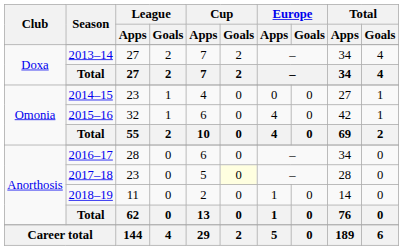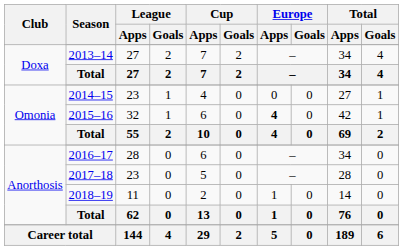 <table class="wikitable" style="text-align:center;">
 <tr>
 <th rowspan="2">Club</th>
 <th rowspan="2">Season</th>
 <th colspan="2">League</th>
 <th colspan="2">Cup</th>
 <th colspan="2"><a href='#'>Europe</a></th>
 <th colspan="2">Total</th>
 </tr>
 <tr>
 <th>Apps</th>
 <th>Goals</th>
 <th>Apps</th>
 <th>Goals</th>
 <th>Apps</th>
 <th>Goals</th>
 <th>Apps</th>
 <th>Goals</th>
 </tr>
 <tr ||-||-||-|->
 <td rowspan="3" valign="center"><a href='#'>Doxa</a></td>
 </tr>
 <tr>
 <td><a href='#'>2013–14</a></td>
 <td>27</td>
 <td>2</td>
 <td>7</td>
 <td>2</td>
 <td colspan="2">–</td>
 <td>34</td>
 <td>4</td>
 </tr>
 <tr>
 <th>Total</th>
 <th>27</th>
 <th>2</th>
 <th>7</th>
 <th>2</th>
 <th colspan="2">–</th>
 <th>34</th>
 <th>4</th>
 </tr>
 <tr>
 <td rowspan="4" valign="center"><a href='#'>Omonia</a></td>
 </tr>
 <tr>
 <td><a href='#'>2014–15</a></td>
 <td>23</td>
 <td>1</td>
 <td>4</td>
 <td>0</td>
 <td>0</td>
 <td>0</td>
 <td>27</td>
 <td>1</td>
 </tr>
 <tr>
 <td><a href='#'>2015–16</a></td>
 <td>32</td>
 <td>1</td>
 <td>6</td>
 <td>0</td>
-<td>4</td>
+<td><strong>4</strong></td>
 <td>0</td>
 <td>42</td>
 <td>1</td>
 </tr>
 <tr>
 <th>Total</th>
 <th>55</th>
 <th>2</th>
 <th>10</th>
 <th>0</th>
 <th>4</th>
 <th>0</th>
 <th>69</th>
 <th>2</th>
 </tr>
 <tr>
 <td rowspan="5" valign="center"><a href='#'>Anorthosis</a></td>
 </tr>
 <tr>
 <td><a href='#'>2016–17</a></td>
 <td>28</td>
 <td>0</td>
 <td>6</td>
 <td>0</td>
 <td colspan="2">–</td>
 <td>34</td>
 <td>0</td>
 </tr>
 <tr>
 <td><a href='#'>2017–18</a></td>
 <td>23</td>
 <td>0</td>
 <td>5</td>
-<td style="background: lightyellow;">0</td>
+<td>0</td>
 <td colspan="2">–</td>
 <td>28</td>
 <td>0</td>
 </tr>
 <tr>
 <td><a href='#'>2018–19</a></td>
 <td>11</td>
 <td>0</td>
 <td>2</td>
 <td>0</td>
 <td>1</td>
 <td>0</td>
 <td>14</td>
 <td>0</td>
 </tr>
 <tr>
 <th>Total</th>
 <th>62</th>
 <th>0</th>
 <th>13</th>
 <th>0</th>
 <th>1</th>
 <th>0</th>
 <th>76</th>
 <th>0</th>
 </tr>
 <tr>
 </tr>
 <tr>
 <th colspan=2>Career total</th>
 <th>144</th>
 <th>4</th>
 <th>29</th>
 <th>2</th>
 <th>5</th>
 <th>0</th>
 <th>189</th>
 <th>6</th>
 </tr>
 </table>
